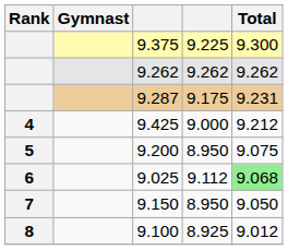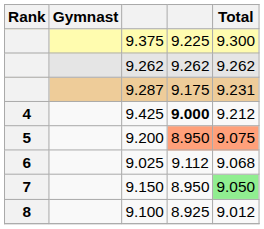 <table class="wikitable sortable" style="text-align:center; font-size:95%">
 <tr>
 <th scope=col>Rank</th>
 <th scope=col>Gymnast</th>
 <th scope=col></th>
 <th scope=col></th>
 <th scope=col>Total</th>
 </tr>
 <tr bgcolor=fffcaf>
 <th scope=row style="text-align:center"></th>
 <td align=left></td>
 <td>9.375</td>
 <td>9.225</td>
 <td>9.300</td>
 </tr>
 <tr bgcolor=e5e5e5>
 <th scope=row style="text-align:center"></th>
 <td align=left></td>
 <td>9.262</td>
 <td>9.262</td>
 <td>9.262</td>
 </tr>
 <tr bgcolor=eecc99>
 <th scope=row style="text-align:center"></th>
 <td align=left></td>
 <td>9.287</td>
 <td>9.175</td>
 <td>9.231</td>
 </tr>
 <tr>
 <th scope=row style="text-align:center">4</th>
 <td align=left></td>
 <td>9.425</td>
-<td>9.000</td>
+<td><strong>9.000</strong></td>
 <td>9.212</td>
 </tr>
 <tr>
 <th scope=row style="text-align:center">5</th>
 <td align=left></td>
 <td>9.200</td>
-<td>8.950</td>
-<td>9.075</td>
+<td style="background: lightsalmon;">8.950</td>
+<td style="background: lightsalmon;">9.075</td>
 </tr>
 <tr>
 <th scope=row style="text-align:center">6</th>
 <td align=left></td>
 <td>9.025</td>
 <td>9.112</td>
-<td style="background: lightgreen;">9.068</td>
+<td>9.068</td>
 </tr>
 <tr>
 <th scope=row style="text-align:center">7</th>
 <td align=left></td>
 <td>9.150</td>
 <td>8.950</td>
-<td>9.050</td>
+<td style="background: lightgreen;">9.050</td>
 </tr>
 <tr>
 <th scope=row style="text-align:center">8</th>
 <td align=left></td>
 <td>9.100</td>
 <td>8.925</td>
 <td>9.012</td>
 </tr>
 <tr>
 </tr>
 </table>
